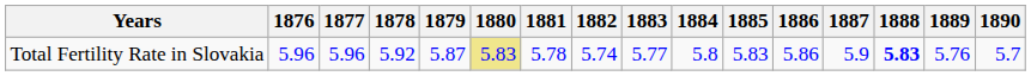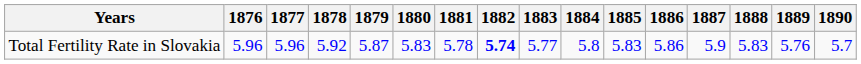 <table class="wikitable " style="text-align:right">
 <tr>
 <th>Years</th>
 <th>1876</th>
 <th>1877</th>
 <th>1878</th>
 <th>1879</th>
 <th>1880</th>
 <th>1881</th>
 <th>1882</th>
 <th>1883</th>
 <th>1884</th>
 <th>1885</th>
 <th>1886</th>
 <th>1887</th>
 <th>1888</th>
 <th>1889</th>
 <th>1890</th>
 </tr>
 <tr>
 <td align="left">Total Fertility Rate in Slovakia</td>
 <td style="text-align:right; color:blue;">5.96</td>
 <td style="text-align:right; color:blue;">5.96</td>
 <td style="text-align:right; color:blue;">5.92</td>
 <td style="text-align:right; color:blue;">5.87</td>
-<td style="background: khaki; text-align:right; color:blue;">5.83</td>
+<td style="text-align:right; color:blue;">5.83</td>
 <td style="text-align:right; color:blue;">5.78</td>
-<td style="text-align:right; color:blue;">5.74</td>
+<td style="text-align:right; color:blue;"><strong>5.74</strong></td>
 <td style="text-align:right; color:blue;">5.77</td>
 <td style="text-align:right; color:blue;">5.8</td>
 <td style="text-align:right; color:blue;">5.83</td>
 <td style="text-align:right; color:blue;">5.86</td>
 <td style="text-align:right; color:blue;">5.9</td>
-<td style="text-align:right; color:blue;"><strong>5.83</strong></td>
+<td style="text-align:right; color:blue;">5.83</td>
 <td style="text-align:right; color:blue;">5.76</td>
 <td style="text-align:right; color:blue;">5.7</td>
 </tr>
 </table>
